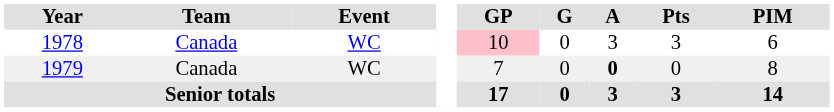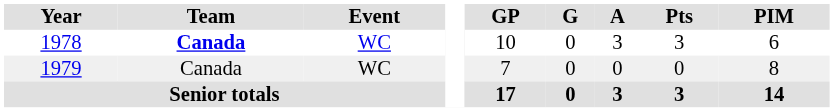 <table border="0" cellpadding="1" cellspacing="0" style="text-align:center; width:40em">
 <tr ALIGN="center" bgcolor="#e0e0e0">
 <th>Year</th>
 <th>Team</th>
 <th>Event</th>
 <th rowspan="99" bgcolor="#ffffff"> </th>
 <th>GP</th>
 <th>G</th>
 <th>A</th>
 <th>Pts</th>
 <th>PIM</th>
 </tr>
 <tr>
 <td><a href='#'>1978</a></td>
-<td><a href='#'>Canada</a></td>
+<td><strong><a href='#'>Canada</a></strong></td>
 <td><a href='#'>WC</a></td>
-<td style="background: pink;">10</td>
+<td>10</td>
 <td>0</td>
 <td>3</td>
 <td>3</td>
 <td>6</td>
 </tr>
 <tr style="background:#f0f0f0;">
 <td><a href='#'>1979</a></td>
 <td>Canada</td>
 <td>WC</td>
 <td>7</td>
 <td>0</td>
-<td><strong>0</strong></td>
+<td>0</td>
 <td>0</td>
 <td>8</td>
 </tr>
 <tr style="background:#e0e0e0;">
 <th colspan="3">Senior totals</th>
 <th>17</th>
 <th>0</th>
 <th>3</th>
 <th>3</th>
 <th>14</th>
 </tr>
 </table>
